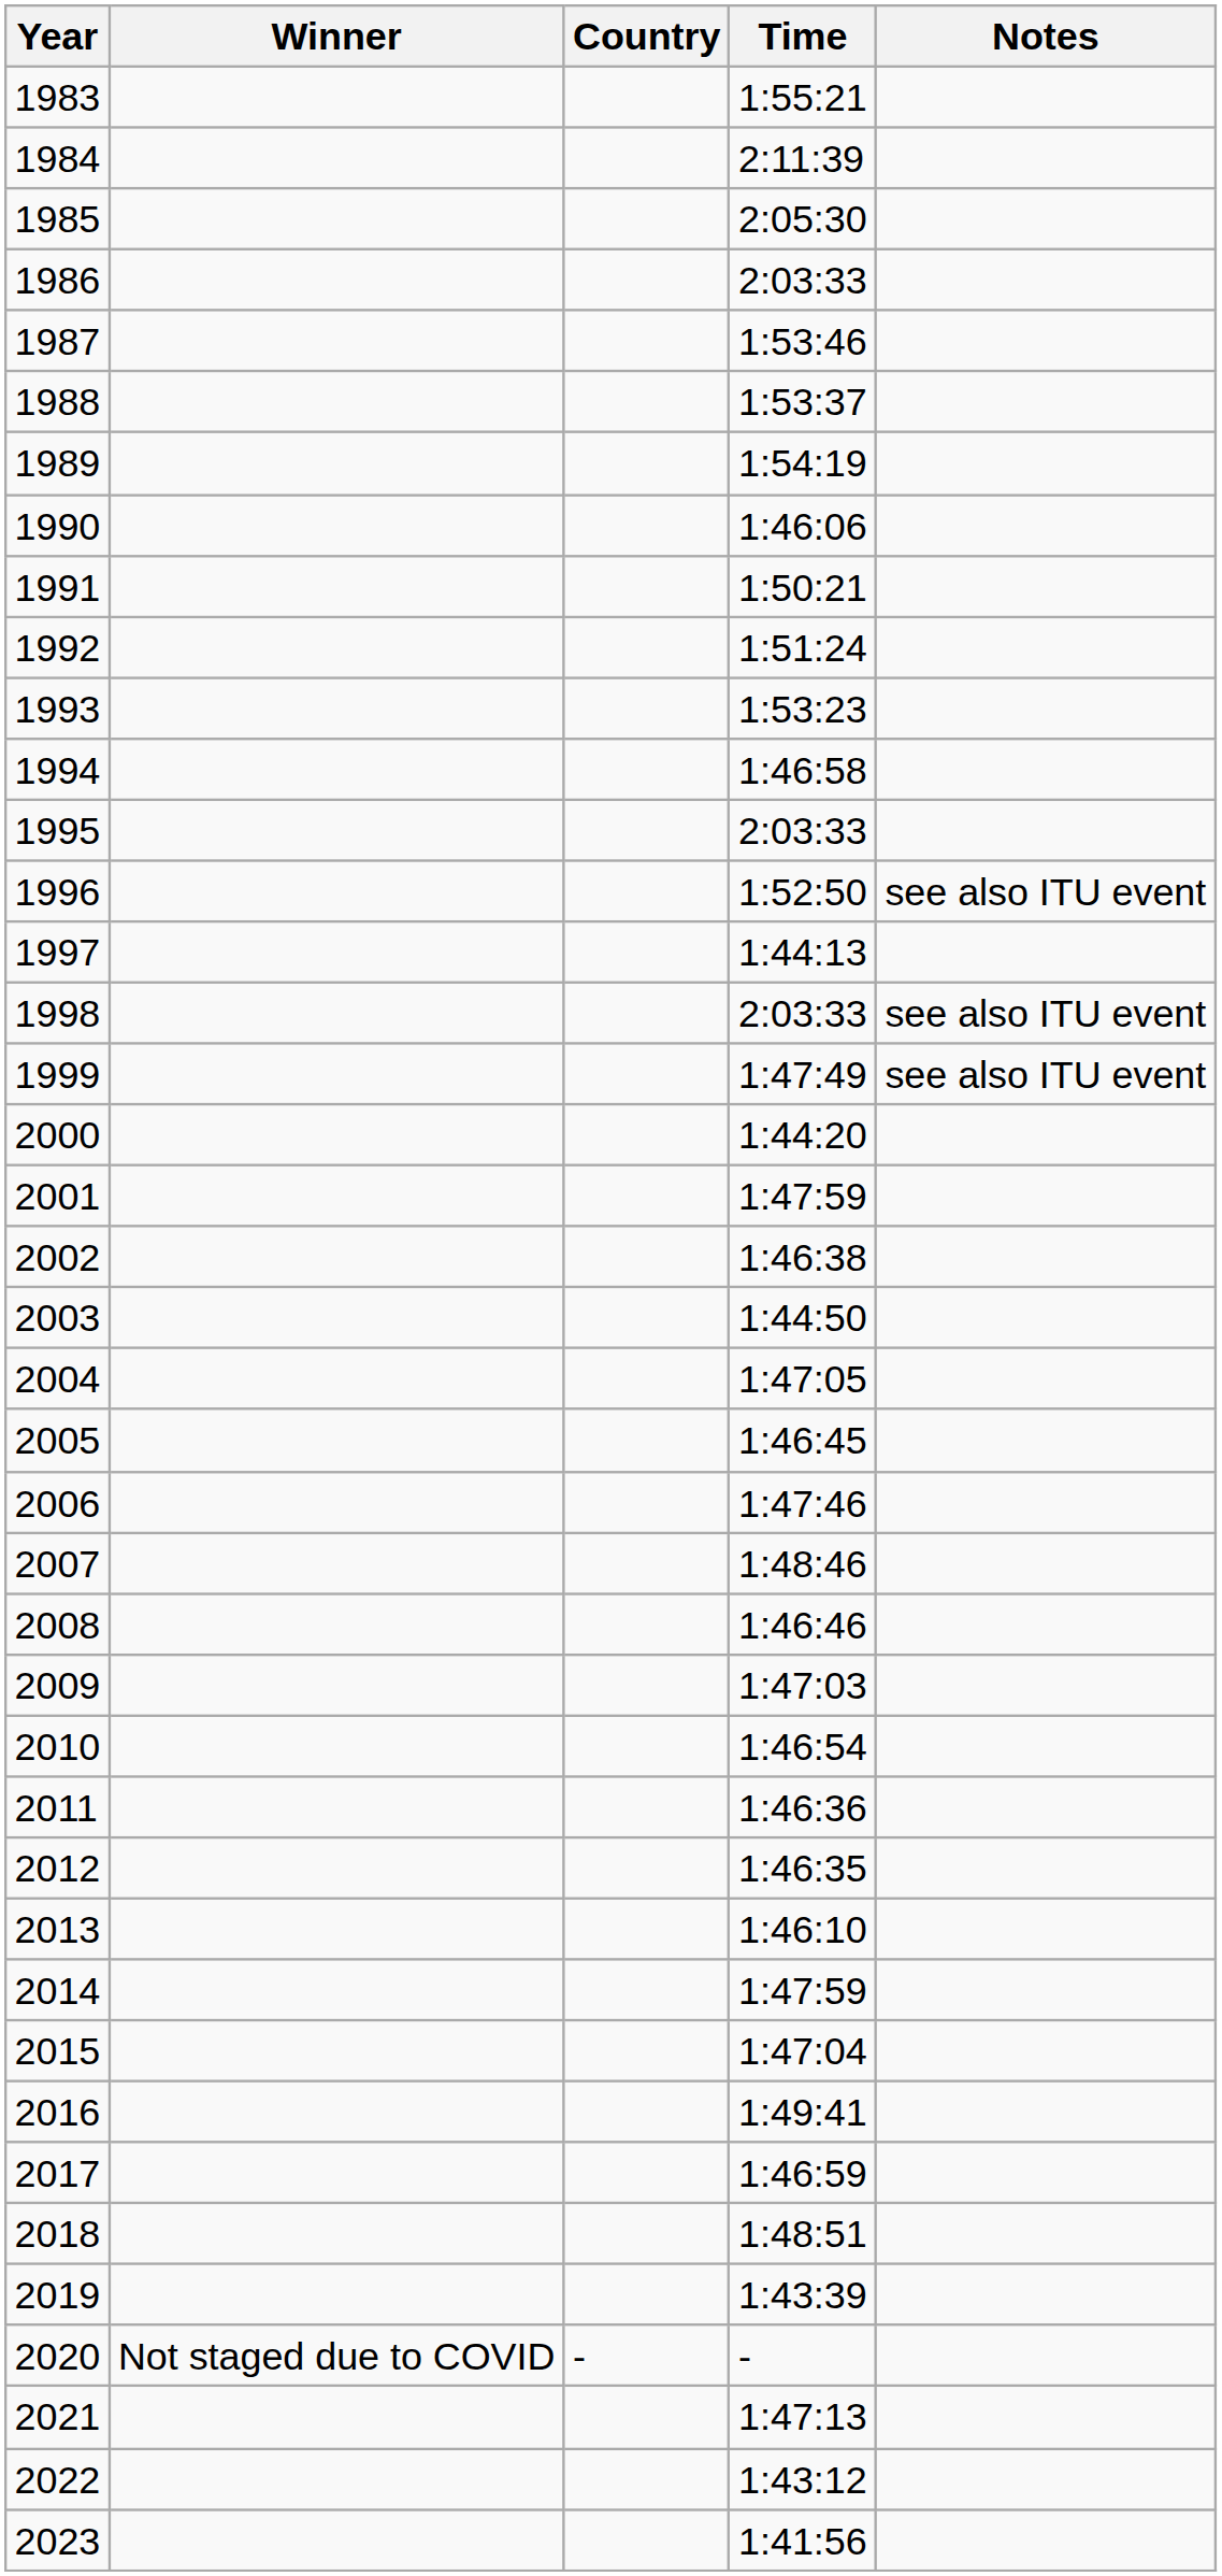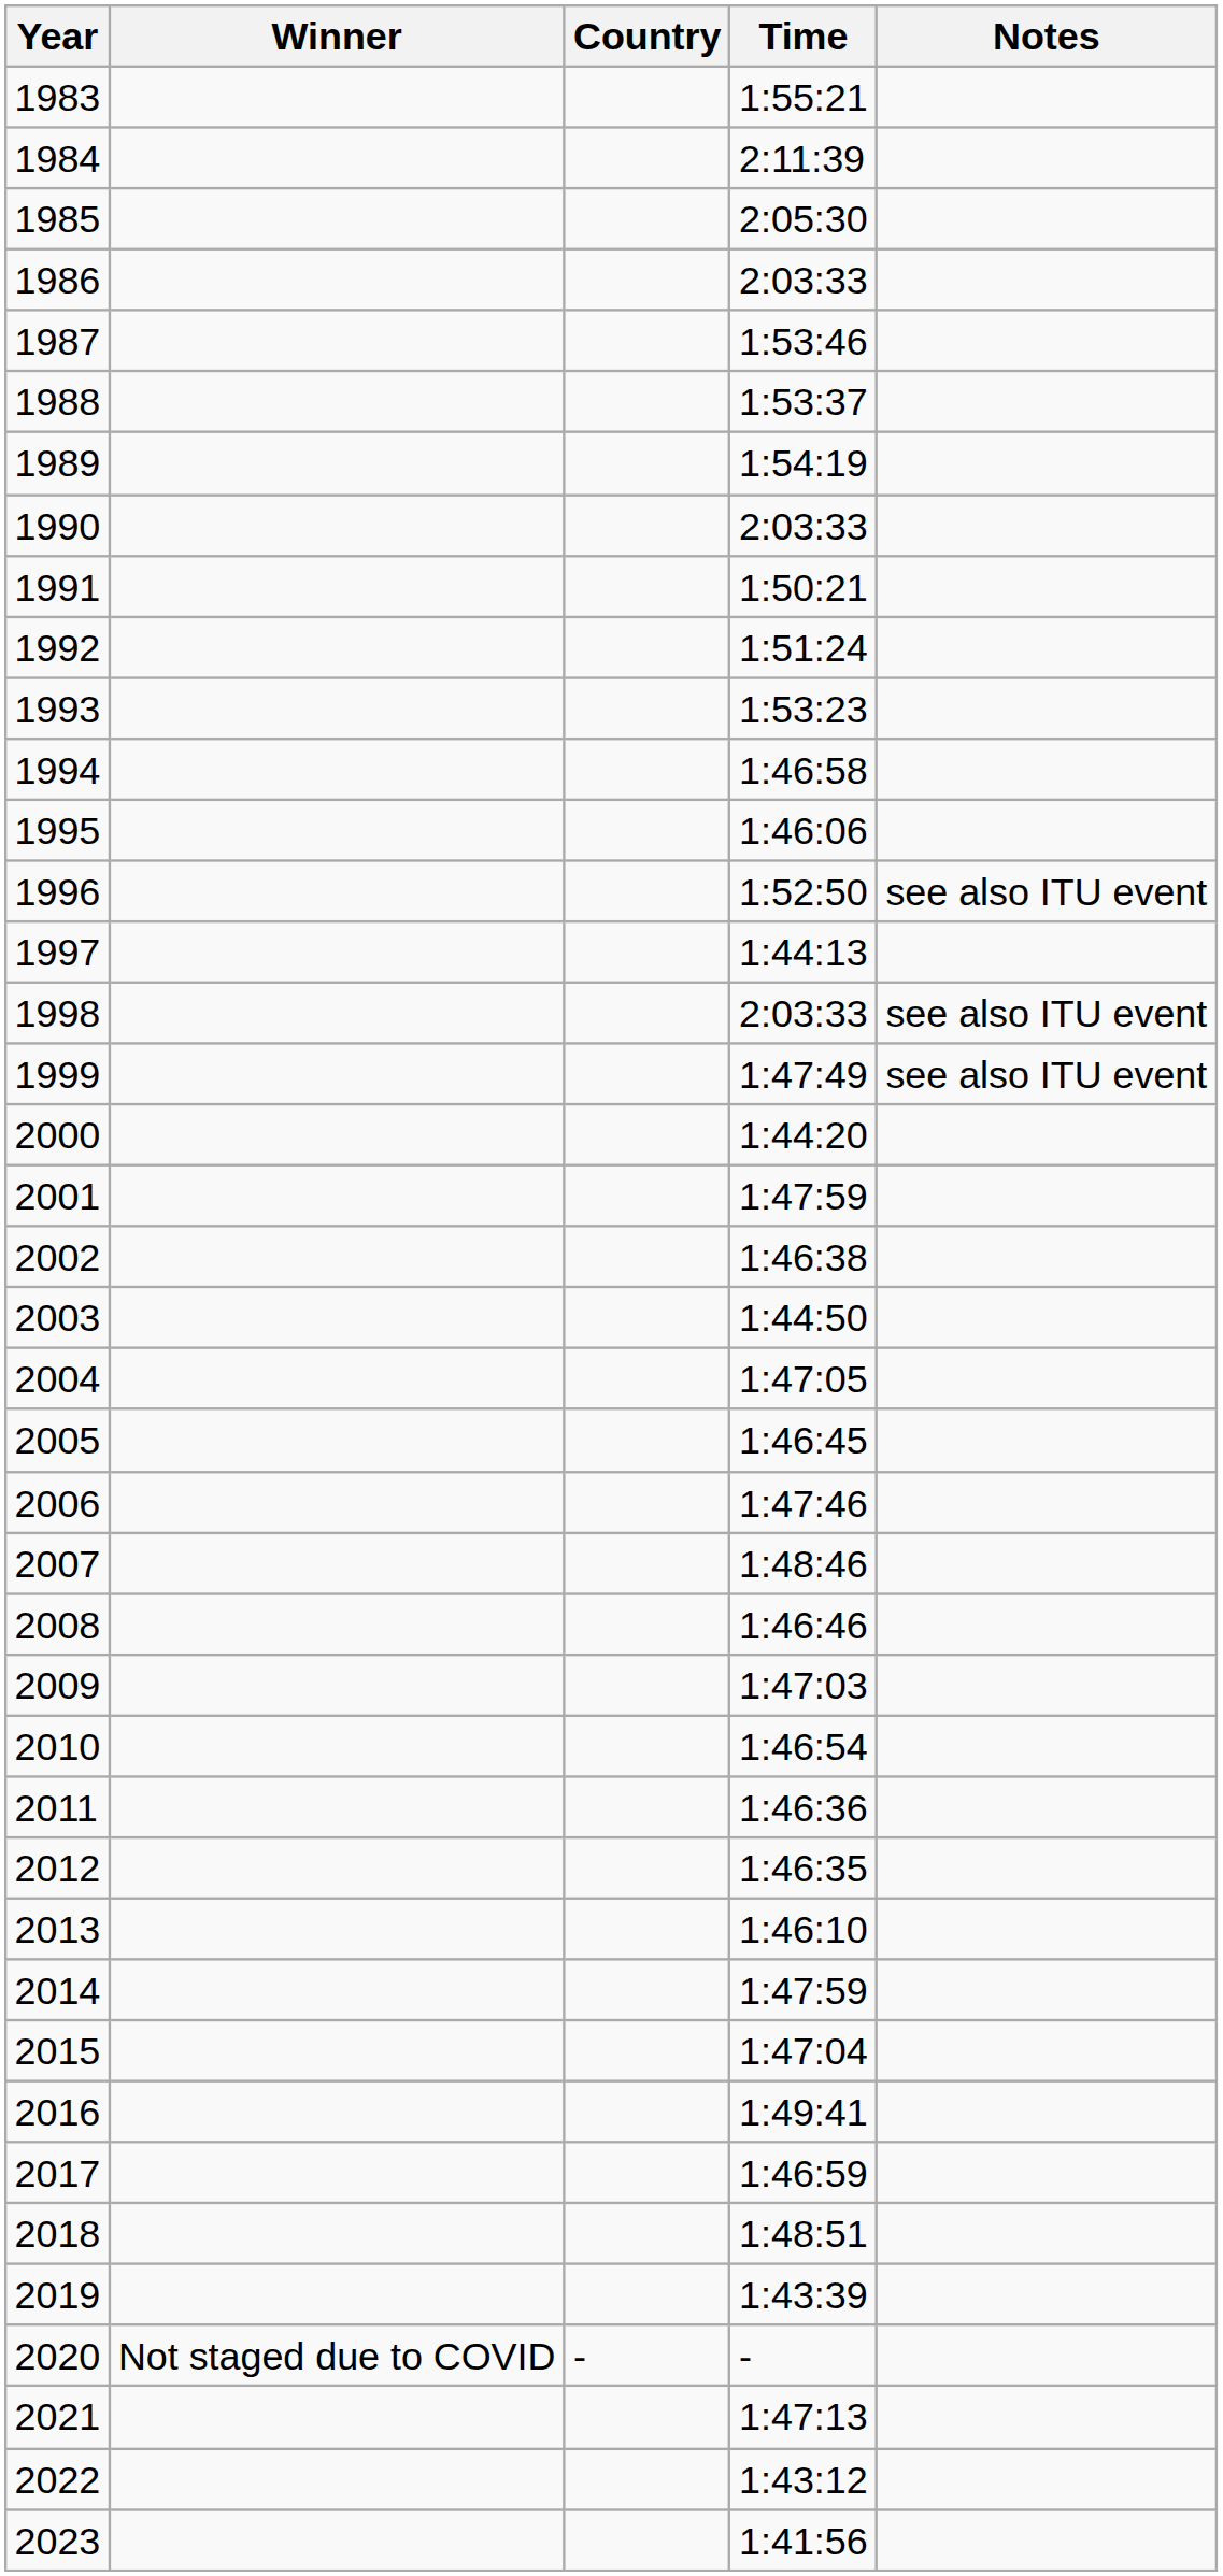 <table class="wikitable sortable" style="font-size: 95%;">
 <tr>
 <th>Year</th>
 <th>Winner</th>
 <th>Country</th>
 <th>Time</th>
 <th class="unsortable">Notes</th>
 </tr>
 <tr>
 <td>1983</td>
 <td></td>
 <td></td>
 <td>1:55:21</td>
 <td></td>
 </tr>
 <tr>
 <td>1984</td>
 <td></td>
 <td></td>
 <td>2:11:39</td>
 <td></td>
 </tr>
 <tr>
 <td>1985</td>
 <td></td>
 <td></td>
 <td>2:05:30</td>
 <td></td>
 </tr>
 <tr>
 <td>1986</td>
 <td></td>
 <td></td>
 <td>2:03:33</td>
 <td></td>
 </tr>
 <tr>
 <td>1987</td>
 <td></td>
 <td></td>
 <td>1:53:46</td>
 <td></td>
 </tr>
 <tr>
 <td>1988</td>
 <td></td>
 <td></td>
 <td>1:53:37</td>
 <td></td>
 </tr>
 <tr>
 <td>1989</td>
 <td></td>
 <td></td>
 <td>1:54:19</td>
 <td></td>
 </tr>
 <tr>
 <td>1990</td>
 <td></td>
 <td></td>
-<td>1:46:06</td>
+<td>2:03:33</td>
 <td></td>
 </tr>
 <tr>
 <td>1991</td>
 <td></td>
 <td></td>
 <td>1:50:21</td>
 <td></td>
 </tr>
 <tr>
 <td>1992</td>
 <td></td>
 <td></td>
 <td>1:51:24</td>
 <td></td>
 </tr>
 <tr>
 <td>1993</td>
 <td></td>
 <td></td>
 <td>1:53:23</td>
 <td></td>
 </tr>
 <tr>
 <td>1994</td>
 <td></td>
 <td></td>
 <td>1:46:58</td>
 <td></td>
 </tr>
 <tr>
 <td>1995</td>
 <td></td>
 <td></td>
-<td>2:03:33</td>
+<td>1:46:06</td>
 <td></td>
 </tr>
 <tr>
 <td>1996</td>
 <td></td>
 <td></td>
 <td>1:52:50</td>
 <td>see also ITU event</td>
 </tr>
 <tr>
 <td>1997</td>
 <td></td>
 <td></td>
 <td>1:44:13</td>
 <td></td>
 </tr>
 <tr>
 <td>1998</td>
 <td></td>
 <td></td>
 <td>2:03:33</td>
 <td>see also ITU event</td>
 </tr>
 <tr>
 <td>1999</td>
 <td></td>
 <td></td>
 <td>1:47:49</td>
 <td>see also ITU event</td>
 </tr>
 <tr>
 <td>2000</td>
 <td></td>
 <td></td>
 <td>1:44:20</td>
 <td></td>
 </tr>
 <tr>
 <td>2001</td>
 <td></td>
 <td></td>
 <td>1:47:59</td>
 <td></td>
 </tr>
 <tr>
 <td>2002</td>
 <td></td>
 <td></td>
 <td>1:46:38</td>
 <td></td>
 </tr>
 <tr>
 <td>2003</td>
 <td></td>
 <td></td>
 <td>1:44:50</td>
 <td></td>
 </tr>
 <tr>
 <td>2004</td>
 <td></td>
 <td></td>
 <td>1:47:05</td>
 <td></td>
 </tr>
 <tr>
 <td>2005</td>
 <td></td>
 <td></td>
 <td>1:46:45</td>
 <td></td>
 </tr>
 <tr>
 <td>2006</td>
 <td></td>
 <td></td>
 <td>1:47:46</td>
 <td></td>
 </tr>
 <tr>
 <td>2007</td>
 <td></td>
 <td></td>
 <td>1:48:46</td>
 <td></td>
 </tr>
 <tr>
 <td>2008</td>
 <td></td>
 <td></td>
 <td>1:46:46</td>
 <td></td>
 </tr>
 <tr>
 <td>2009</td>
 <td></td>
 <td></td>
 <td>1:47:03</td>
 <td></td>
 </tr>
 <tr>
 <td>2010</td>
 <td></td>
 <td></td>
 <td>1:46:54</td>
 <td></td>
 </tr>
 <tr>
 <td>2011</td>
 <td></td>
 <td></td>
 <td>1:46:36</td>
 <td></td>
 </tr>
 <tr>
 <td>2012</td>
 <td></td>
 <td></td>
 <td>1:46:35</td>
 <td></td>
 </tr>
 <tr>
 <td>2013</td>
 <td></td>
 <td></td>
 <td>1:46:10</td>
 <td></td>
 </tr>
 <tr>
 <td>2014</td>
 <td></td>
 <td></td>
 <td>1:47:59</td>
 <td></td>
 </tr>
 <tr>
 <td>2015</td>
 <td></td>
 <td></td>
 <td>1:47:04</td>
 <td></td>
 </tr>
 <tr>
 <td>2016</td>
 <td></td>
 <td></td>
 <td>1:49:41</td>
 <td></td>
 </tr>
 <tr>
 <td>2017</td>
 <td></td>
 <td></td>
 <td>1:46:59</td>
 <td></td>
 </tr>
 <tr>
 <td>2018</td>
 <td></td>
 <td></td>
 <td>1:48:51</td>
 <td></td>
 </tr>
 <tr>
 <td>2019</td>
 <td></td>
 <td></td>
 <td>1:43:39</td>
 <td></td>
 </tr>
 <tr>
 <td>2020</td>
 <td>Not staged due to COVID</td>
 <td>-</td>
 <td>-</td>
 <td></td>
 </tr>
 <tr>
 <td>2021</td>
 <td></td>
 <td></td>
 <td>1:47:13</td>
 <td></td>
 </tr>
 <tr>
 <td>2022</td>
 <td></td>
 <td></td>
 <td>1:43:12</td>
 <td></td>
 </tr>
 <tr>
 <td>2023</td>
 <td></td>
 <td></td>
 <td>1:41:56</td>
 <td></td>
 </tr>
 <tr>
 </tr>
 </table>
